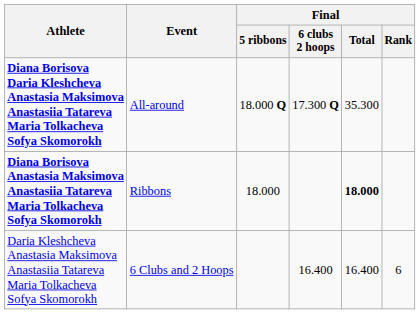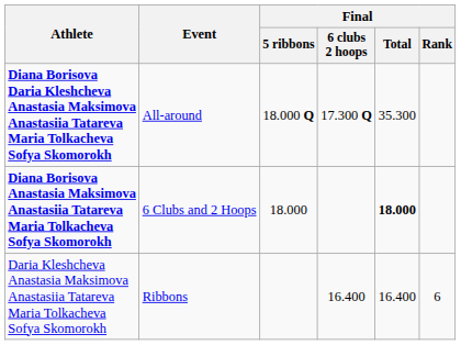 <table class="wikitable" style="text-align:center; font-size:90%">
 <tr>
 <th rowspan=2>Athlete</th>
 <th rowspan=2>Event</th>
 <th colspan=4>Final</th>
 </tr>
 <tr style="font-size:95%">
 <th>5 ribbons</th>
 <th>6 clubs<br>2 hoops</th>
 <th>Total</th>
 <th>Rank</th>
 </tr>
 <tr>
 <td align=left><strong><a href='#'>Diana Borisova</a><br><a href='#'>Daria Kleshcheva</a><br><a href='#'>Anastasia Maksimova</a><br><a href='#'>Anastasiia Tatareva</a><br><a href='#'>Maria Tolkacheva</a><br><a href='#'>Sofya Skomorokh</a></strong></td>
 <td align=left><a href='#'>All-around</a></td>
 <td>18.000 <strong>Q</strong></td>
 <td>17.300 <strong>Q</strong></td>
 <td>35.300</td>
 <td></td>
 </tr>
 <tr align=center>
 <td align=left><strong><a href='#'>Diana Borisova</a><br><a href='#'>Anastasia Maksimova</a><br><a href='#'>Anastasiia Tatareva</a><br><a href='#'>Maria Tolkacheva</a><br><a href='#'>Sofya Skomorokh</a></strong></td>
-<td align=left><a href='#'>Ribbons</a></td>
+<td align=left><a href='#'>6 Clubs and 2 Hoops</a></td>
 <td>18.000</td>
 <td></td>
 <td><strong>18.000</strong></td>
 <td></td>
 </tr>
 <tr>
 <td align=left><a href='#'>Daria Kleshcheva</a><br><a href='#'>Anastasia Maksimova</a><br><a href='#'>Anastasiia Tatareva</a><br><a href='#'>Maria Tolkacheva</a><br><a href='#'>Sofya Skomorokh</a></td>
-<td align=left><a href='#'>6 Clubs and 2 Hoops</a></td>
+<td align=left><a href='#'>Ribbons</a></td>
 <td></td>
 <td>16.400</td>
 <td>16.400</td>
 <td>6</td>
 </tr>
 </table>
